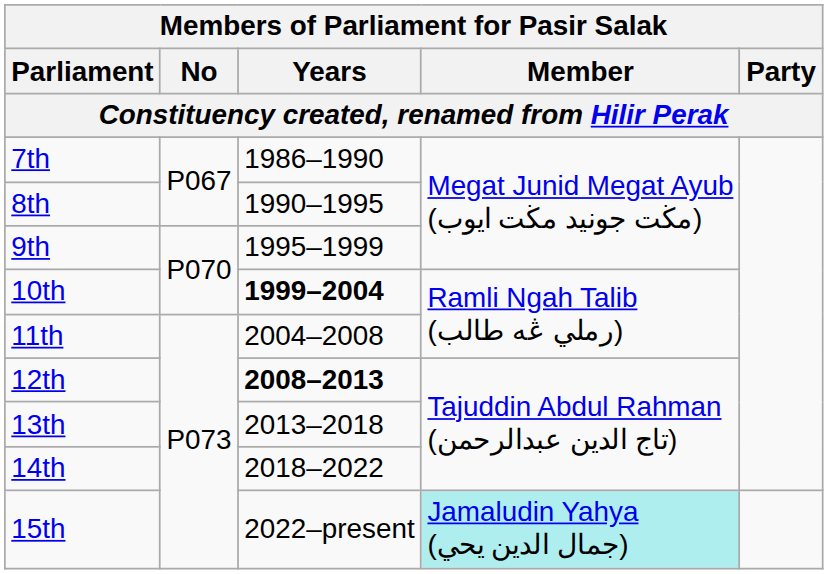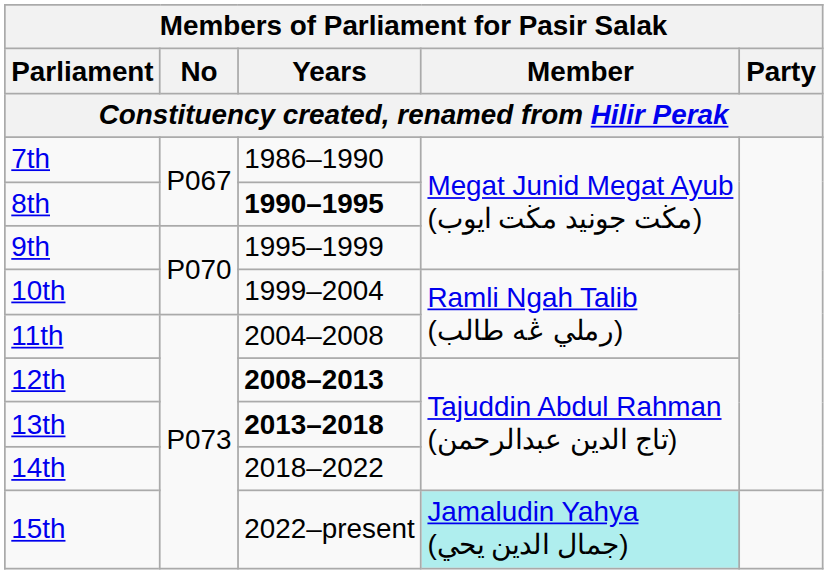 <table class=wikitable>
 <tr>
 <th colspan="5">Members of Parliament for Pasir Salak</th>
 </tr>
 <tr>
 <th>Parliament</th>
 <th>No</th>
 <th>Years</th>
 <th>Member</th>
 <th>Party</th>
 </tr>
 <tr>
 <th colspan="5" align="center"><em>Constituency created, renamed from <a href='#'>Hilir Perak</a></em></th>
 </tr>
 <tr>
 <td><a href='#'>7th</a></td>
 <td rowspan="2">P067</td>
 <td>1986–1990</td>
 <td rowspan=3><a href='#'>Megat Junid Megat Ayub</a> <br> (مڬت جونيد مڬت ايوب)</td>
 <td rowspan=8></td>
 </tr>
 <tr>
 <td><a href='#'>8th</a></td>
-<td>1990–1995</td>
+<td><strong>1990–1995</strong></td>
 </tr>
 <tr>
 <td><a href='#'>9th</a></td>
 <td rowspan="2">P070</td>
 <td>1995–1999</td>
 </tr>
 <tr>
 <td><a href='#'>10th</a></td>
-<td><strong>1999–2004</strong></td>
+<td>1999–2004</td>
 <td rowspan=2><a href='#'>Ramli Ngah Talib</a> <br> (رملي ڠه طالب)</td>
 </tr>
 <tr>
 <td><a href='#'>11th</a></td>
 <td rowspan="5">P073</td>
 <td>2004–2008</td>
 </tr>
 <tr>
 <td><a href='#'>12th</a></td>
 <td><strong>2008–2013</strong></td>
 <td rowspan=3><a href='#'>Tajuddin Abdul Rahman</a> <br> (تاج الدين عبدالرحمن)</td>
 </tr>
 <tr>
 <td><a href='#'>13th</a></td>
-<td>2013–2018</td>
+<td><strong>2013–2018</strong></td>
 </tr>
 <tr>
 <td><a href='#'>14th</a></td>
 <td>2018–2022</td>
 </tr>
 <tr>
 <td><a href='#'>15th</a></td>
 <td>2022–present</td>
 <td style="background: paleturquoise;"><a href='#'>Jamaludin Yahya</a>  <br>(جمال الدين يحي)</td>
 <td></td>
 </tr>
 </table>
